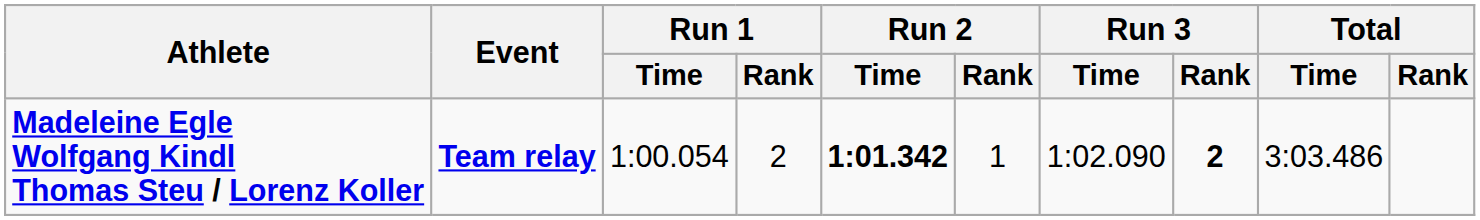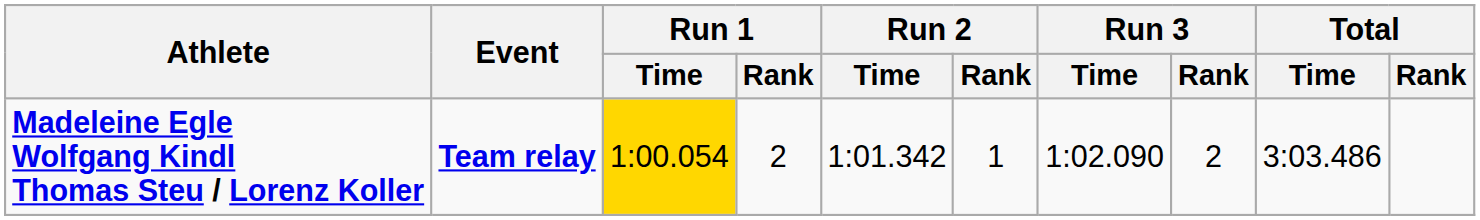 <table class="wikitable" style="font-size:90%">
 <tr>
 <th rowspan="2">Athlete</th>
 <th rowspan="2">Event</th>
 <th colspan=2>Run 1</th>
 <th colspan=2>Run 2</th>
 <th colspan=2>Run 3</th>
 <th colspan=2>Total</th>
 </tr>
 <tr style="font-size:95%">
 <th>Time</th>
 <th>Rank</th>
 <th>Time</th>
 <th>Rank</th>
 <th>Time</th>
 <th>Rank</th>
 <th>Time</th>
 <th>Rank</th>
 </tr>
 <tr align=center>
 <td align=left><strong><a href='#'>Madeleine Egle</a><br><a href='#'>Wolfgang Kindl</a><br><a href='#'>Thomas Steu</a> / <a href='#'>Lorenz Koller</a></strong></td>
 <td align=left><strong><a href='#'>Team relay</a></strong></td>
-<td>1:00.054</td>
+<td style="background: gold;">1:00.054</td>
 <td>2</td>
-<td><strong>1:01.342</strong></td>
+<td>1:01.342</td>
 <td>1</td>
 <td>1:02.090</td>
-<td><strong>2</strong></td>
+<td>2</td>
 <td>3:03.486</td>
 <td></td>
 </tr>
 </table>
